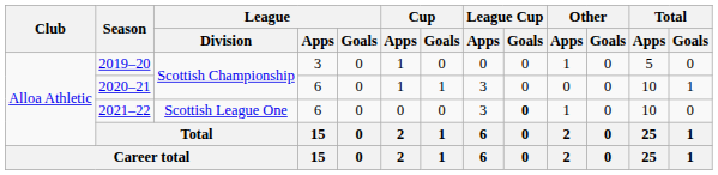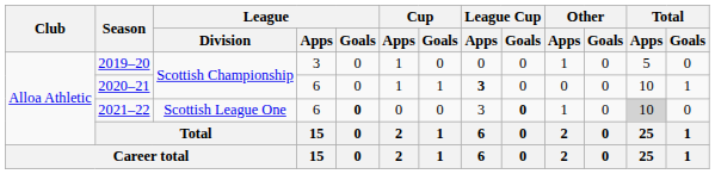 <table class="wikitable" style="text-align:center">
 <tr>
 <th rowspan="2">Club</th>
 <th rowspan="2">Season</th>
 <th colspan="3">League</th>
 <th colspan="2">Cup</th>
 <th colspan="2">League Cup</th>
 <th colspan="2">Other</th>
 <th colspan="2">Total</th>
 </tr>
 <tr>
 <th>Division</th>
 <th>Apps</th>
 <th>Goals</th>
 <th>Apps</th>
 <th>Goals</th>
 <th>Apps</th>
 <th>Goals</th>
 <th>Apps</th>
 <th>Goals</th>
 <th>Apps</th>
 <th>Goals</th>
 </tr>
 <tr>
 <td rowspan="4"><a href='#'>Alloa Athletic</a></td>
 <td><a href='#'>2019–20</a></td>
 <td rowspan="2"><a href='#'>Scottish Championship</a></td>
 <td>3</td>
 <td>0</td>
 <td>1</td>
 <td>0</td>
 <td>0</td>
 <td>0</td>
 <td>1</td>
 <td>0</td>
 <td>5</td>
 <td>0</td>
 </tr>
 <tr>
 <td><a href='#'>2020–21</a></td>
 <td>6</td>
 <td>0</td>
 <td>1</td>
 <td>1</td>
-<td>3</td>
+<td><strong>3</strong></td>
 <td>0</td>
 <td>0</td>
 <td>0</td>
 <td>10</td>
 <td>1</td>
 </tr>
 <tr>
 <td><a href='#'>2021–22</a></td>
 <td><a href='#'>Scottish League One</a></td>
 <td>6</td>
-<td>0</td>
+<td><strong>0</strong></td>
 <td>0</td>
 <td>0</td>
 <td>3</td>
 <td><strong>0</strong></td>
 <td>1</td>
 <td>0</td>
-<td>10</td>
+<td style="background: lightgrey;">10</td>
 <td>0</td>
 </tr>
 <tr>
 <th colspan="2">Total</th>
 <th>15</th>
 <th>0</th>
 <th>2</th>
 <th>1</th>
 <th>6</th>
 <th>0</th>
 <th>2</th>
 <th>0</th>
 <th>25</th>
 <th>1</th>
 </tr>
 <tr>
 <th colspan="3">Career total</th>
 <th>15</th>
 <th>0</th>
 <th>2</th>
 <th>1</th>
 <th>6</th>
 <th>0</th>
 <th>2</th>
 <th>0</th>
 <th>25</th>
 <th>1</th>
 </tr>
 </table>
